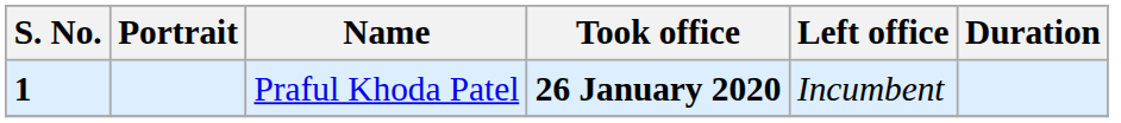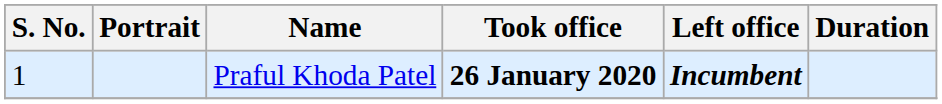 <table class="wikitable sortable">
 <tr>
 <th>S. No.</th>
 <th><strong>Portrait</strong></th>
 <th><strong>Name</strong></th>
 <th><strong>Took office</strong></th>
 <th><strong>Left office</strong></th>
 <th><strong>Duration</strong></th>
 </tr>
 <tr>
-<td bgcolor=#DDEEFF><strong>1</strong></td>
+<td bgcolor=#DDEEFF>1</td>
 <td bgcolor=#DDEEFF></td>
 <td bgcolor=#DDEEFF><a href='#'>Praful Khoda Patel</a></td>
 <td bgcolor=#DDEEFF><strong>26 January 2020</strong></td>
-<td bgcolor=#DDEEFF><em>Incumbent</em></td>
+<td bgcolor=#DDEEFF><strong><em>Incumbent</em></strong></td>
 <td bgcolor=#DDEEFF></td>
 </tr>
 <tr>
 </tr>
 </table>
